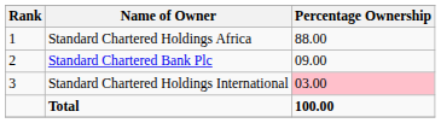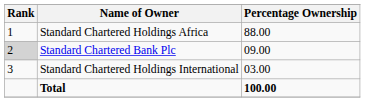 <table class="wikitable sortable" style="margin-left:auto;margin-right:auto">
 <tr>
 </tr>
 <tr>
 <th style="width:2em;">Rank</th>
 <th>Name of Owner</th>
 <th>Percentage Ownership</th>
 </tr>
 <tr>
 <td>1</td>
 <td>Standard Chartered Holdings Africa</td>
 <td>88.00</td>
 </tr>
 <tr>
-<td>2</td>
+<td style="background: lightgrey;">2</td>
 <td><a href='#'>Standard Chartered Bank Plc</a></td>
 <td>09.00</td>
 </tr>
 <tr>
 <td>3</td>
 <td>Standard Chartered Holdings International</td>
-<td style="background: pink;">03.00</td>
+<td>03.00</td>
 </tr>
 <tr>
 <td></td>
 <td><strong>Total</strong></td>
 <td><strong>100.00</strong></td>
 </tr>
 <tr>
 </tr>
 </table>
